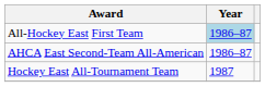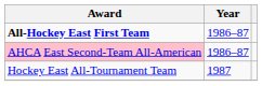 <table class="wikitable">
 <tr>
 <th>Award</th>
 <th>Year</th>
 <th></th>
 </tr>
 <tr>
-<td>All-<a href='#'>Hockey East</a> <a href='#'>First Team</a></td>
-<td style="background: lightblue;"><a href='#'>1986–87</a></td>
+<td><strong>All-<a href='#'>Hockey East</a> <a href='#'>First Team</a></strong></td>
+<td><a href='#'>1986–87</a></td>
 <td></td>
 </tr>
 <tr>
-<td><a href='#'>AHCA</a> <a href='#'>East Second-Team All-American</a></td>
+<td style="background: pink;"><a href='#'>AHCA</a> <a href='#'>East Second-Team All-American</a></td>
 <td><a href='#'>1986–87</a></td>
 <td></td>
 </tr>
 <tr>
 <td><a href='#'>Hockey East</a> <a href='#'>All-Tournament Team</a></td>
 <td><a href='#'>1987</a></td>
 <td></td>
 </tr>
 <tr>
 </tr>
 </table>
